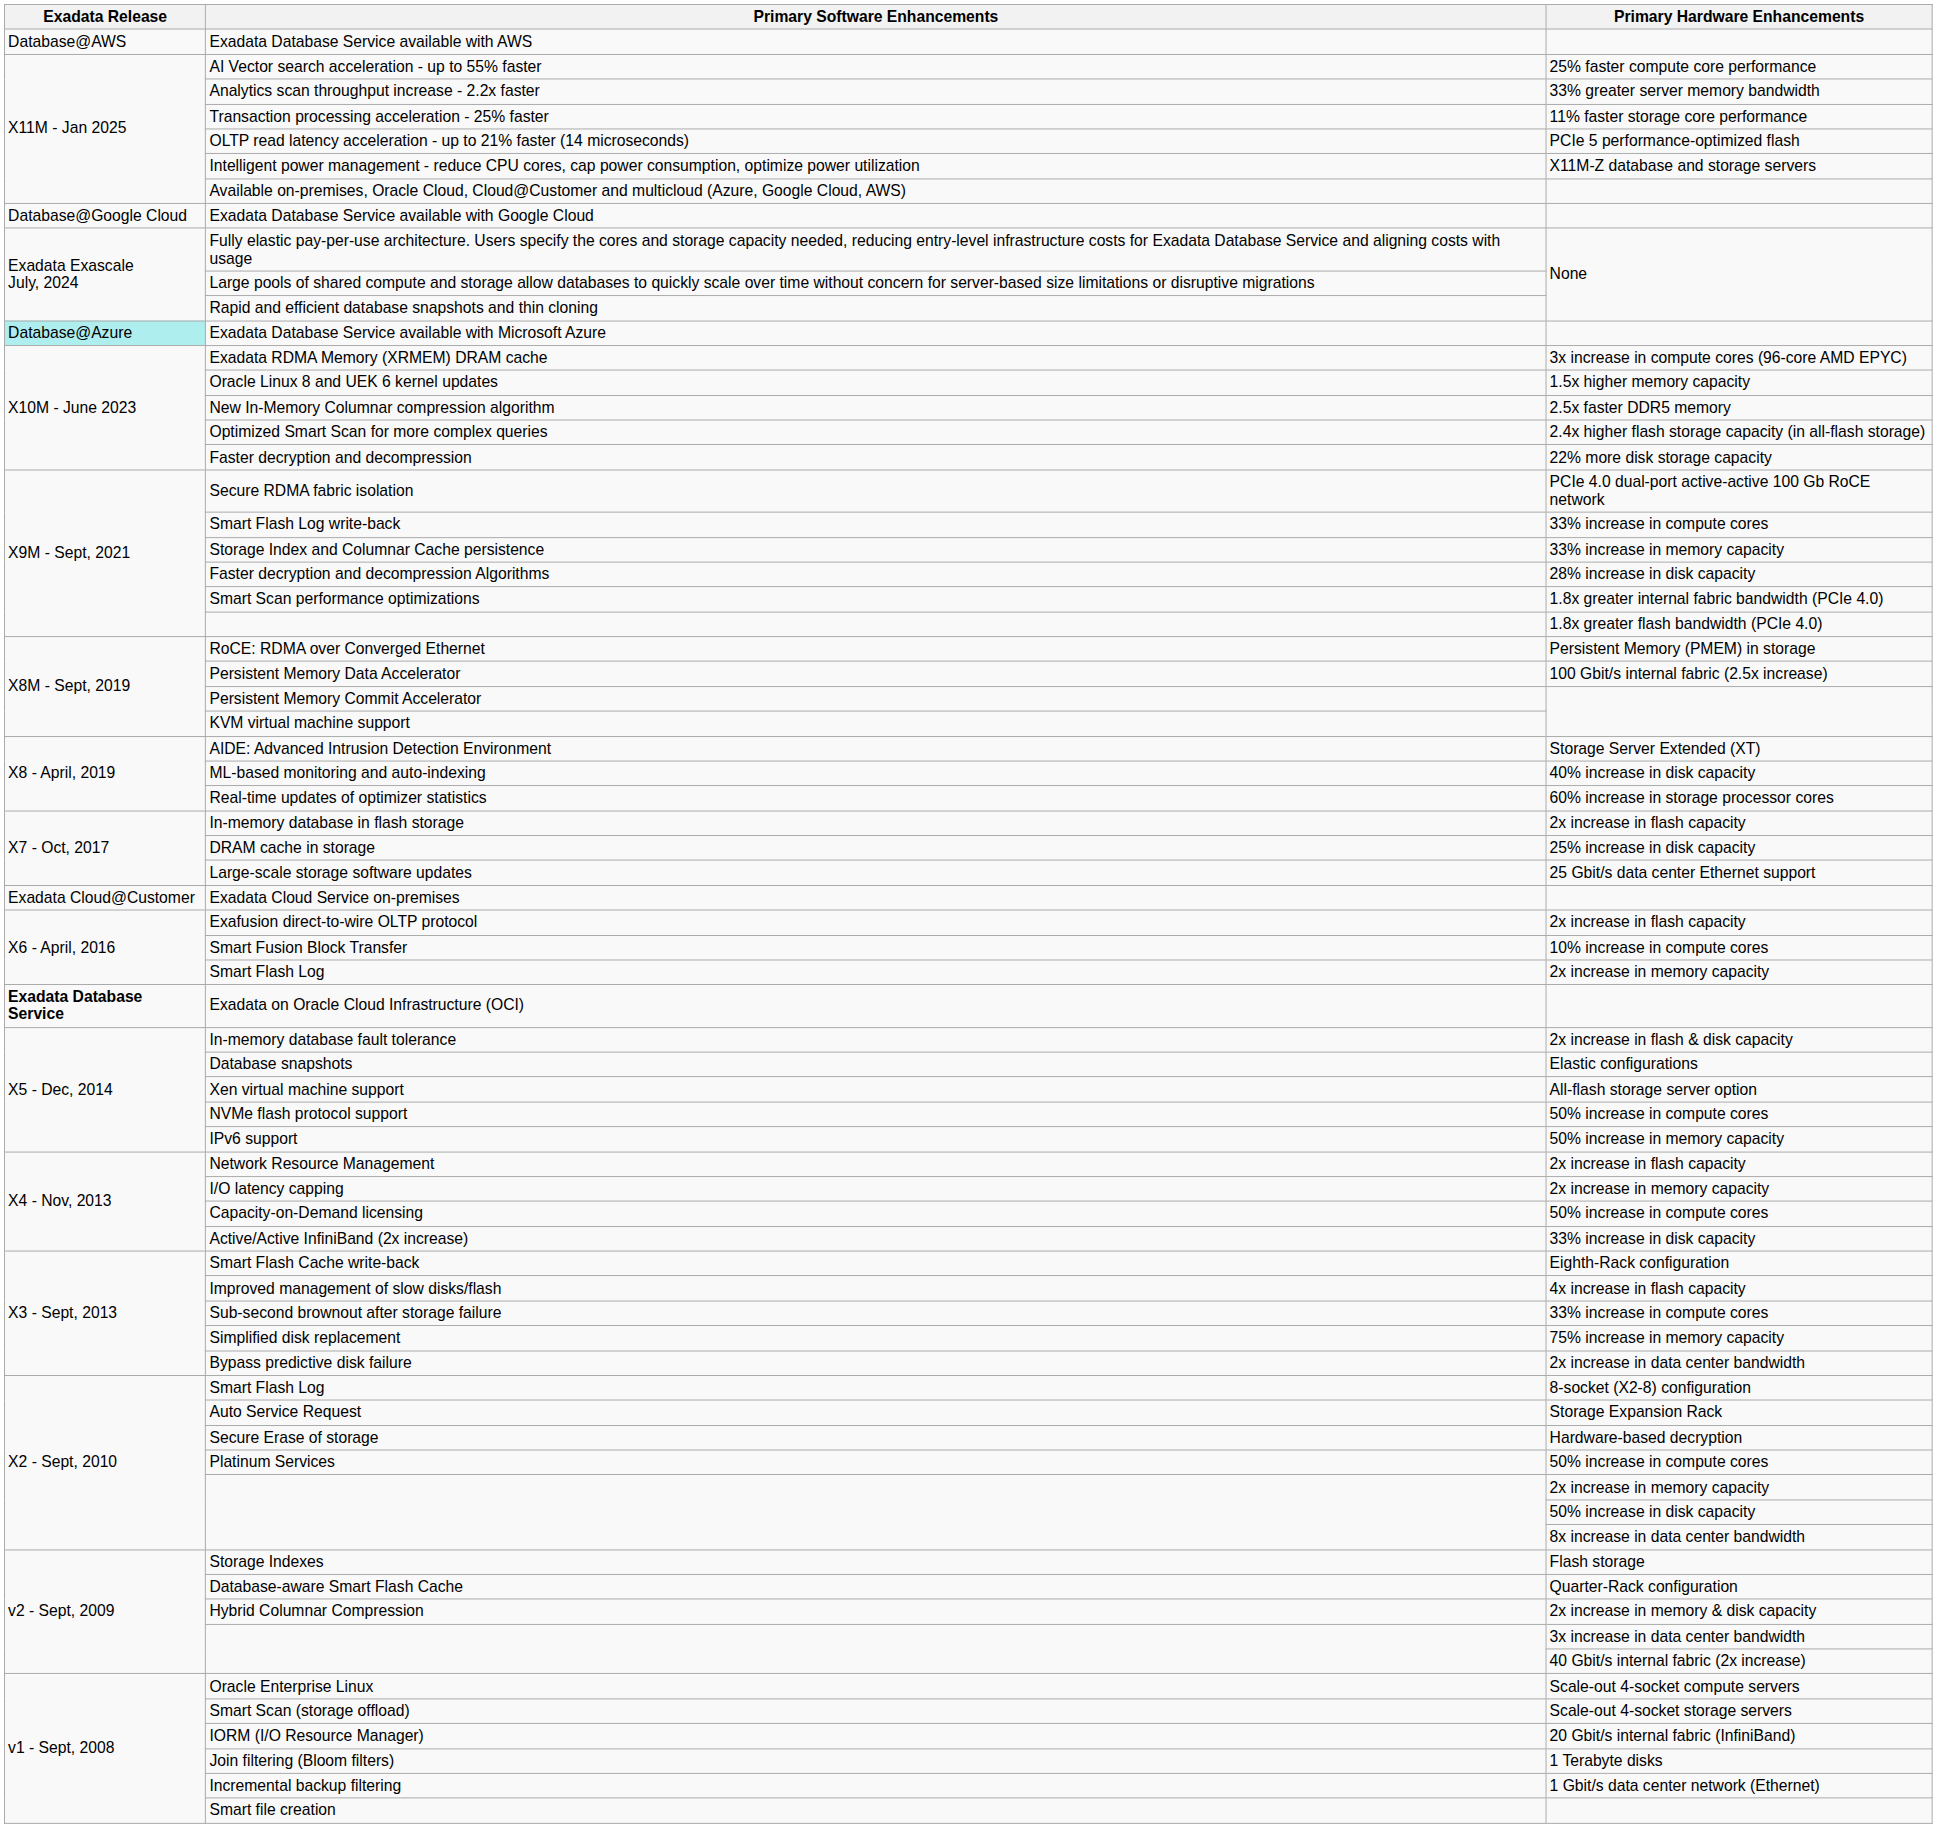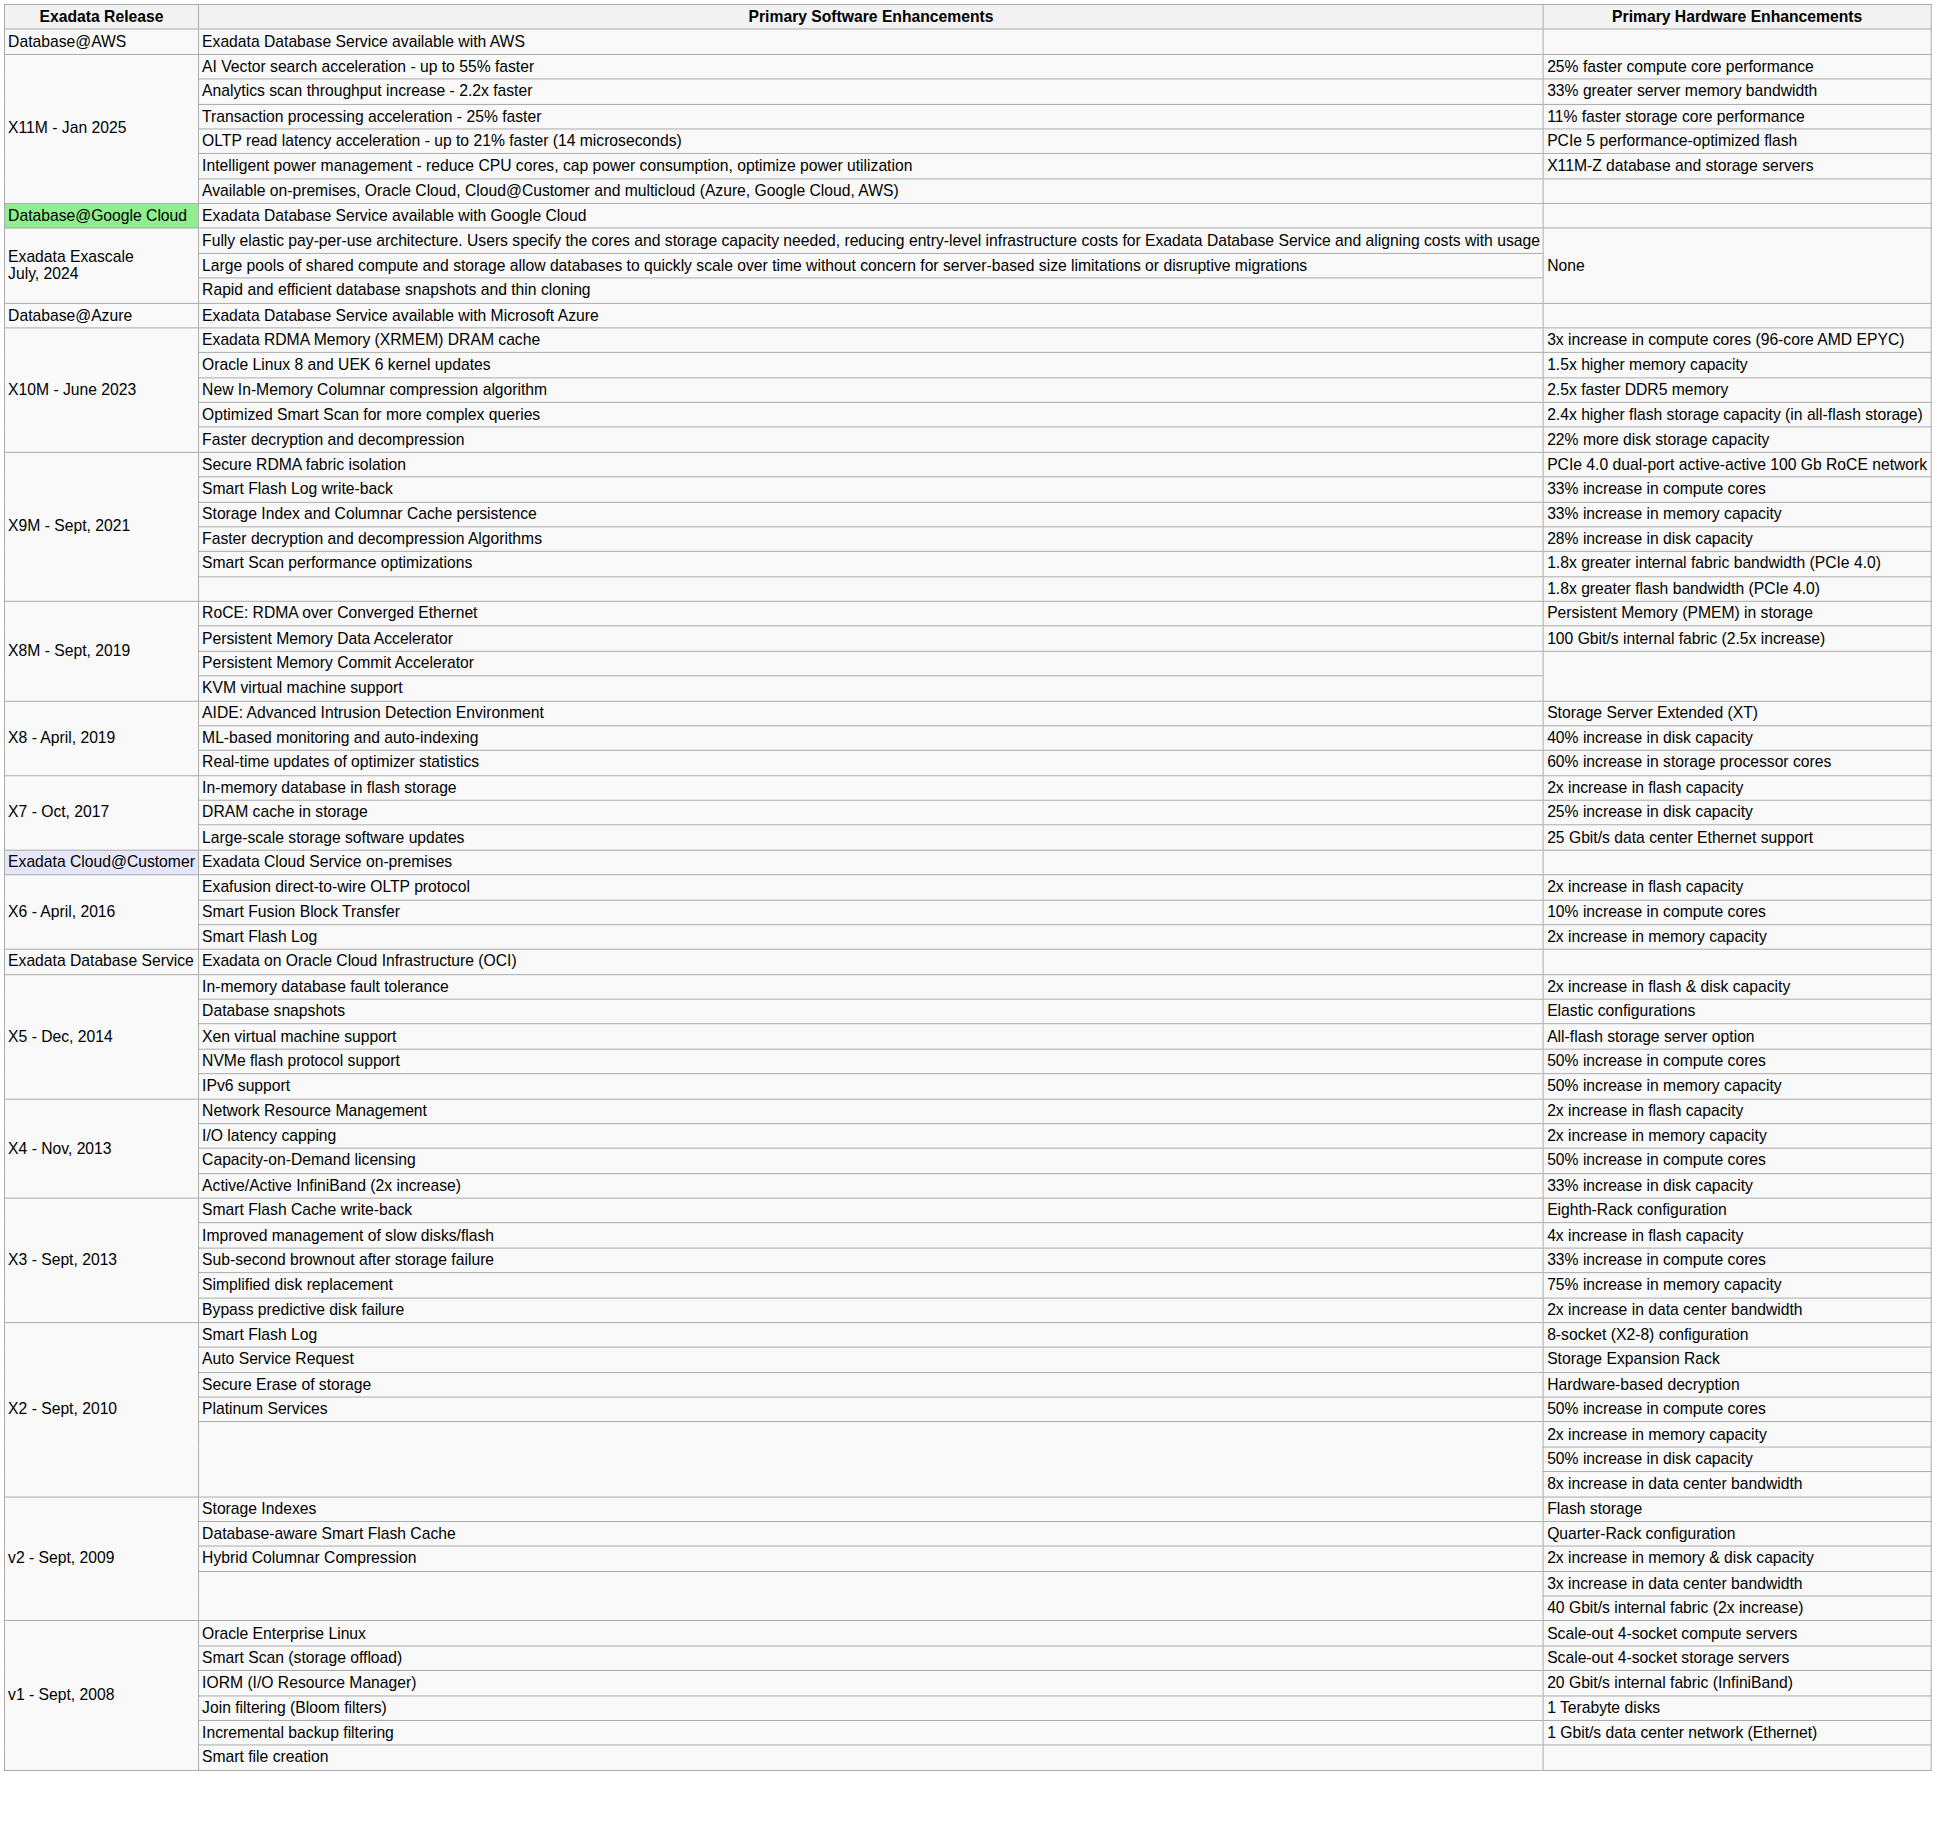 <table class="wikitable">
 <tr>
 <th>Exadata Release</th>
 <th>Primary Software Enhancements</th>
 <th>Primary Hardware Enhancements</th>
 </tr>
 <tr>
 <td>Database@AWS</td>
 <td>Exadata Database Service available with AWS</td>
 <td></td>
 </tr>
 <tr>
 <td rowspan="6">X11M - Jan 2025</td>
 <td>AI Vector search acceleration - up to 55% faster</td>
 <td>25% faster compute core performance</td>
 </tr>
 <tr>
 <td>Analytics scan throughput increase - 2.2x faster</td>
 <td>33% greater server memory bandwidth</td>
 </tr>
 <tr>
 <td>Transaction processing acceleration - 25% faster</td>
 <td>11% faster storage core performance</td>
 </tr>
 <tr>
 <td>OLTP read latency acceleration - up to 21% faster (14 microseconds)</td>
 <td>PCIe 5 performance-optimized flash</td>
 </tr>
 <tr>
 <td>Intelligent power management - reduce CPU cores, cap power consumption, optimize power utilization</td>
 <td>X11M-Z database and storage servers</td>
 </tr>
 <tr>
 <td>Available on-premises, Oracle Cloud, Cloud@Customer and multicloud (Azure, Google Cloud, AWS)</td>
 <td></td>
 </tr>
 <tr>
-<td>Database@Google Cloud</td>
+<td style="background: lightgreen;">Database@Google Cloud</td>
 <td>Exadata Database Service available with Google Cloud</td>
 <td></td>
 </tr>
 <tr>
 <td rowspan="3">Exadata Exascale<br>July, 2024</td>
 <td>Fully elastic pay-per-use architecture. Users specify the cores and storage capacity needed, reducing entry-level infrastructure costs for Exadata Database Service and aligning costs with usage</td>
 <td rowspan="3">None</td>
 </tr>
 <tr>
 <td>Large pools of shared compute and storage allow databases to quickly scale over time without concern for server-based size limitations or disruptive migrations</td>
 </tr>
 <tr>
 <td>Rapid and efficient database snapshots and thin cloning</td>
 </tr>
 <tr>
-<td style="background: paleturquoise;">Database@Azure</td>
+<td>Database@Azure</td>
 <td>Exadata Database Service available with Microsoft Azure</td>
 <td></td>
 </tr>
 <tr>
 <td rowspan="5">X10M - June 2023</td>
 <td>Exadata RDMA Memory (XRMEM) DRAM cache</td>
 <td>3x increase in compute cores (96-core AMD EPYC)</td>
 </tr>
 <tr>
 <td>Oracle Linux 8 and UEK 6 kernel updates</td>
 <td>1.5x higher memory capacity</td>
 </tr>
 <tr>
 <td>New In-Memory Columnar compression algorithm</td>
 <td>2.5x faster DDR5 memory</td>
 </tr>
 <tr>
 <td>Optimized Smart Scan for more complex queries</td>
 <td>2.4x higher flash storage capacity (in all-flash storage)</td>
 </tr>
 <tr>
 <td>Faster decryption and decompression</td>
 <td>22% more disk storage capacity</td>
 </tr>
 <tr>
 <td rowspan="6">X9M - Sept, 2021</td>
 <td>Secure RDMA fabric isolation</td>
 <td>PCIe 4.0 dual-port active-active 100 Gb RoCE network</td>
 </tr>
 <tr>
 <td>Smart Flash Log write-back</td>
 <td>33% increase in compute cores</td>
 </tr>
 <tr>
 <td>Storage Index and Columnar Cache persistence</td>
 <td>33% increase in memory capacity</td>
 </tr>
 <tr>
 <td>Faster decryption and decompression Algorithms</td>
 <td>28% increase in disk capacity</td>
 </tr>
 <tr>
 <td>Smart Scan performance optimizations</td>
 <td>1.8x greater internal fabric bandwidth (PCIe 4.0)</td>
 </tr>
 <tr>
 <td></td>
 <td>1.8x greater flash bandwidth (PCIe 4.0)</td>
 </tr>
 <tr>
 <td rowspan="4">X8M - Sept, 2019</td>
 <td>RoCE: RDMA over Converged Ethernet</td>
 <td>Persistent Memory (PMEM) in storage</td>
 </tr>
 <tr>
 <td>Persistent Memory Data Accelerator</td>
 <td>100 Gbit/s internal fabric (2.5x increase)</td>
 </tr>
 <tr>
 <td>Persistent Memory Commit Accelerator</td>
 <td rowspan="2"></td>
 </tr>
 <tr>
 <td>KVM virtual machine support</td>
 </tr>
 <tr>
 <td rowspan="3">X8 - April, 2019</td>
 <td>AIDE: Advanced Intrusion Detection Environment</td>
 <td>Storage Server Extended (XT)</td>
 </tr>
 <tr>
 <td>ML-based monitoring and auto-indexing</td>
 <td>40% increase in disk capacity</td>
 </tr>
 <tr>
 <td>Real-time updates of optimizer statistics</td>
 <td>60% increase in storage processor cores</td>
 </tr>
 <tr>
 <td rowspan="3">X7 - Oct, 2017</td>
 <td>In-memory database in flash storage</td>
 <td>2x increase in flash capacity</td>
 </tr>
 <tr>
 <td>DRAM cache in storage</td>
 <td>25% increase in disk capacity</td>
 </tr>
 <tr>
 <td>Large-scale storage software updates</td>
 <td>25 Gbit/s data center Ethernet support</td>
 </tr>
 <tr>
-<td>Exadata Cloud@Customer</td>
+<td style="background: lavender;">Exadata Cloud@Customer</td>
 <td>Exadata Cloud Service on-premises</td>
 <td></td>
 </tr>
 <tr>
 <td rowspan="3">X6 - April, 2016</td>
 <td>Exafusion direct-to-wire OLTP protocol</td>
 <td>2x increase in flash capacity</td>
 </tr>
 <tr>
 <td>Smart Fusion Block Transfer</td>
 <td>10% increase in compute cores</td>
 </tr>
 <tr>
 <td>Smart Flash Log</td>
 <td>2x increase in memory capacity</td>
 </tr>
 <tr>
-<td><strong>Exadata Database Service</strong></td>
+<td>Exadata Database Service</td>
 <td>Exadata on Oracle Cloud Infrastructure (OCI)</td>
 <td></td>
 </tr>
 <tr>
 <td rowspan="5">X5 - Dec, 2014</td>
 <td>In-memory database fault tolerance</td>
 <td>2x increase in flash & disk capacity</td>
 </tr>
 <tr>
 <td>Database snapshots</td>
 <td>Elastic configurations</td>
 </tr>
 <tr>
 <td>Xen virtual machine support</td>
 <td>All-flash storage server option</td>
 </tr>
 <tr>
 <td>NVMe flash protocol support</td>
 <td>50% increase in compute cores</td>
 </tr>
 <tr>
 <td>IPv6 support</td>
 <td>50% increase in memory capacity</td>
 </tr>
 <tr>
 <td rowspan="4">X4 - Nov, 2013</td>
 <td>Network Resource Management</td>
 <td>2x increase in flash capacity</td>
 </tr>
 <tr>
 <td>I/O latency capping</td>
 <td>2x increase in memory capacity</td>
 </tr>
 <tr>
 <td>Capacity-on-Demand licensing</td>
 <td>50% increase in compute cores</td>
 </tr>
 <tr>
 <td>Active/Active InfiniBand (2x increase)</td>
 <td>33% increase in disk capacity</td>
 </tr>
 <tr>
 <td rowspan="5">X3 - Sept, 2013</td>
 <td>Smart Flash Cache write-back</td>
 <td>Eighth-Rack configuration</td>
 </tr>
 <tr>
 <td>Improved management of slow disks/flash</td>
 <td>4x increase in flash capacity</td>
 </tr>
 <tr>
 <td>Sub-second brownout after storage failure</td>
 <td>33% increase in compute cores</td>
 </tr>
 <tr>
 <td>Simplified disk replacement</td>
 <td>75% increase in memory capacity</td>
 </tr>
 <tr>
 <td>Bypass predictive disk failure</td>
 <td>2x increase in data center bandwidth</td>
 </tr>
 <tr>
 <td rowspan="7">X2 - Sept, 2010</td>
 <td>Smart Flash Log</td>
 <td>8-socket (X2-8) configuration</td>
 </tr>
 <tr>
 <td>Auto Service Request</td>
 <td>Storage Expansion Rack</td>
 </tr>
 <tr>
 <td>Secure Erase of storage</td>
 <td>Hardware-based decryption</td>
 </tr>
 <tr>
 <td>Platinum Services</td>
 <td>50% increase in compute cores</td>
 </tr>
 <tr>
 <td rowspan="3"></td>
 <td>2x increase in memory capacity</td>
 </tr>
 <tr>
 <td>50% increase in disk capacity</td>
 </tr>
 <tr>
 <td>8x increase in data center bandwidth</td>
 </tr>
 <tr>
 <td rowspan="5">v2 - Sept, 2009</td>
 <td>Storage Indexes</td>
 <td>Flash storage</td>
 </tr>
 <tr>
 <td>Database-aware Smart Flash Cache</td>
 <td>Quarter-Rack configuration</td>
 </tr>
 <tr>
 <td>Hybrid Columnar Compression</td>
 <td>2x increase in memory & disk capacity</td>
 </tr>
 <tr>
 <td rowspan="2"></td>
 <td>3x increase in data center bandwidth</td>
 </tr>
 <tr>
 <td>40 Gbit/s internal fabric (2x increase)</td>
 </tr>
 <tr>
 <td rowspan="6">v1 - Sept, 2008</td>
 <td>Oracle Enterprise Linux</td>
 <td>Scale-out 4-socket compute servers</td>
 </tr>
 <tr>
 <td>Smart Scan (storage offload)</td>
 <td>Scale-out 4-socket storage servers</td>
 </tr>
 <tr>
 <td>IORM (I/O Resource Manager)</td>
 <td>20 Gbit/s internal fabric (InfiniBand)</td>
 </tr>
 <tr>
 <td>Join filtering (Bloom filters)</td>
 <td>1 Terabyte disks</td>
 </tr>
 <tr>
 <td>Incremental backup filtering</td>
 <td>1 Gbit/s data center network (Ethernet)</td>
 </tr>
 <tr>
 <td>Smart file creation</td>
 <td></td>
 </tr>
 </table>
